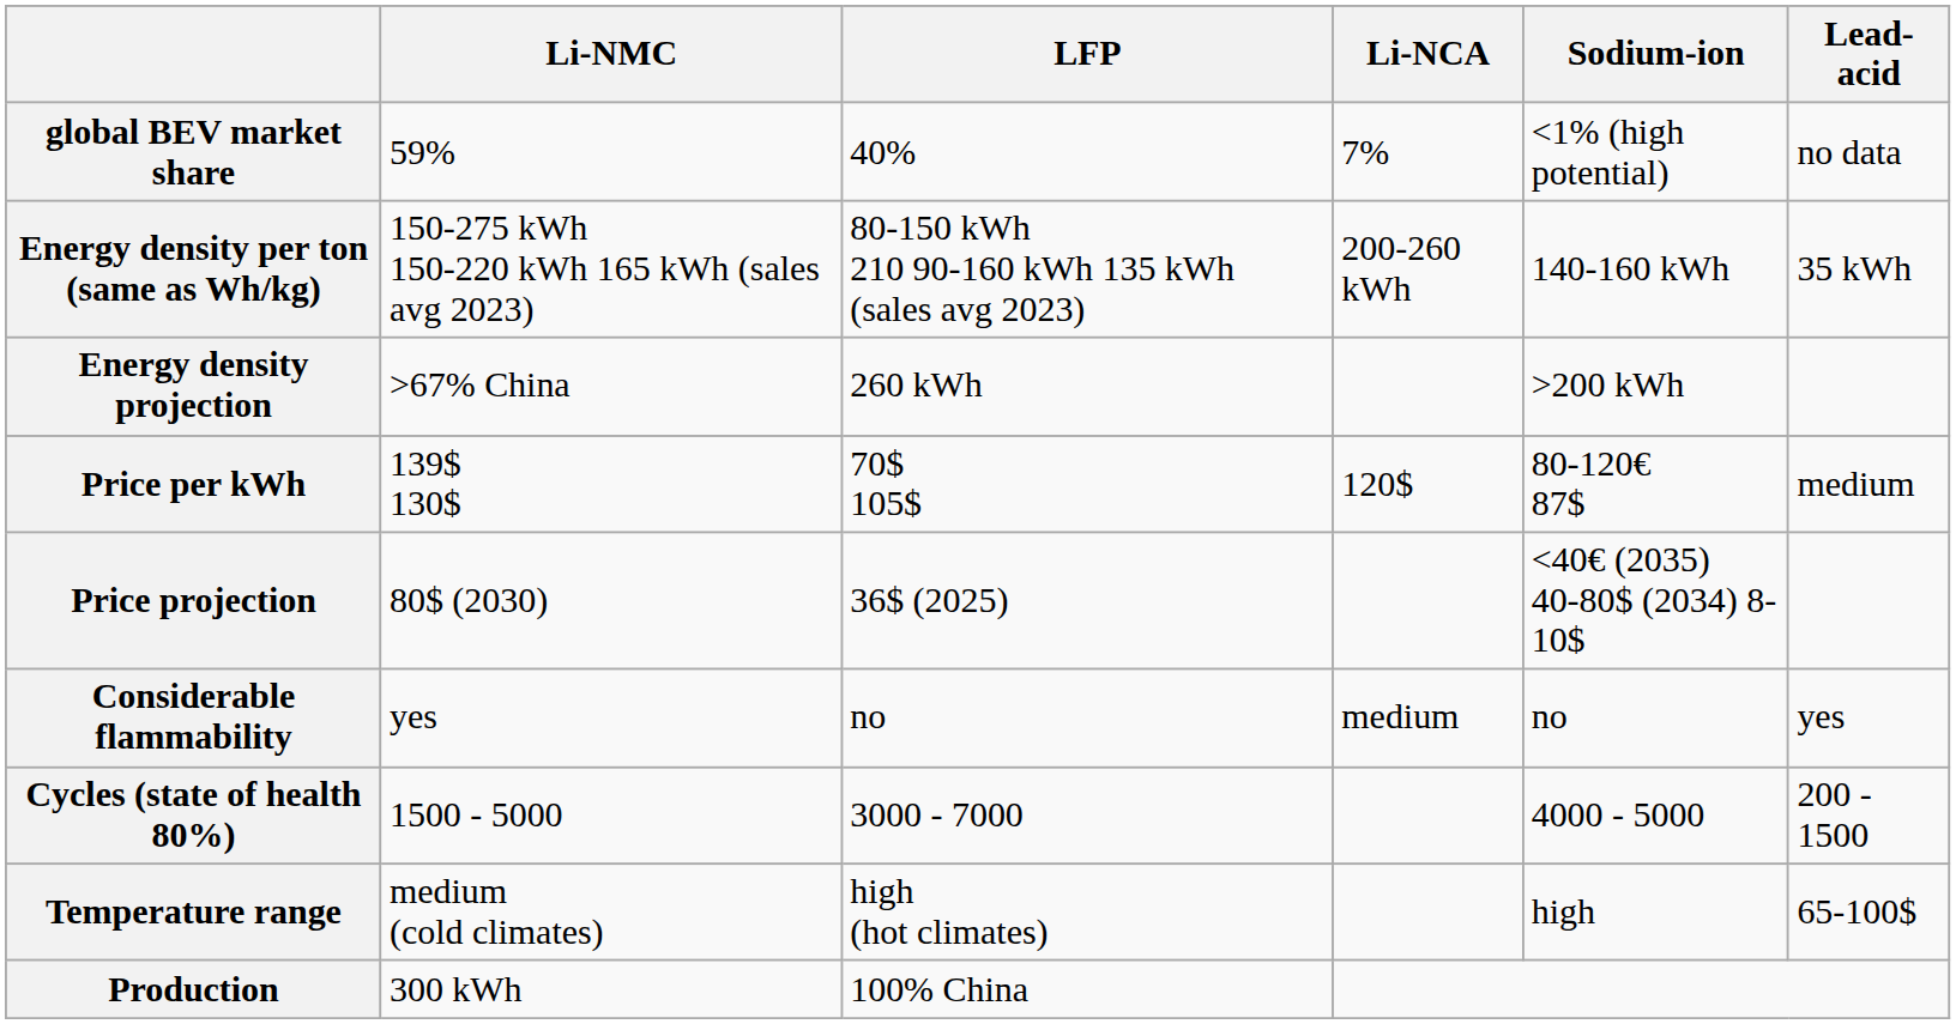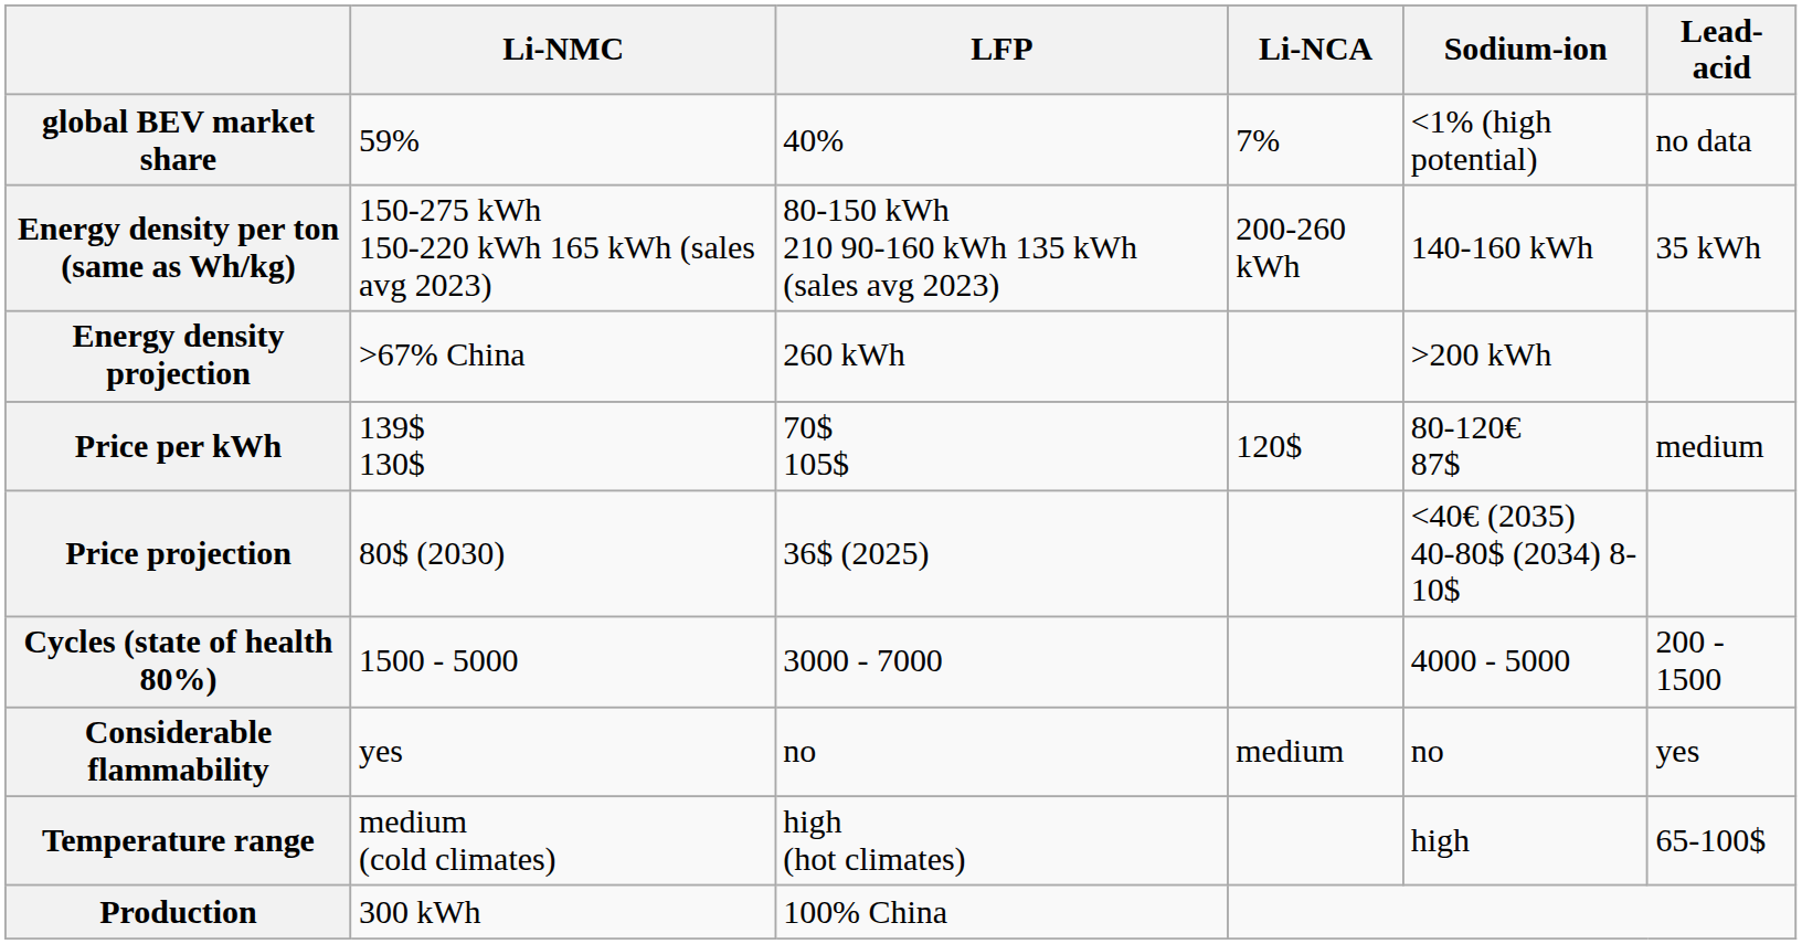 <table class="wikitable sortable">
 <tr>
 <th></th>
 <th>Li-NMC</th>
 <th>LFP</th>
 <th>Li-NCA</th>
 <th>Sodium-ion</th>
 <th>Lead-acid</th>
 </tr>
 <tr>
 <th>global BEV market share</th>
 <td>59%</td>
 <td>40%</td>
 <td>7%</td>
 <td><1% (high potential)</td>
 <td>no data</td>
 </tr>
 <tr>
 <th>Energy density per ton<br>(same as Wh/kg)</th>
 <td>150-275 kWh <br>150-220 kWh 165 kWh (sales avg 2023)</td>
 <td>80-150 kWh <br>210  90-160 kWh 135 kWh (sales avg 2023)</td>
 <td>200-260 kWh</td>
 <td>140-160 kWh </td>
 <td>35 kWh </td>
 </tr>
 <tr>
 <th>Energy density projection</th>
 <td>>67% China</td>
 <td>260 kWh </td>
 <td></td>
 <td>>200 kWh </td>
 <td></td>
 </tr>
 <tr>
 <th>Price per kWh</th>
 <td>139$ <br>130$</td>
 <td>70$ <br>105$</td>
 <td>120$</td>
 <td>80-120€ <br>87$ </td>
 <td>medium</td>
 </tr>
 <tr>
 <th>Price projection</th>
 <td>80$ (2030) </td>
 <td>36$ (2025) </td>
 <td></td>
 <td><40€ (2035) <br>40-80$ (2034)  8-10$</td>
 <td></td>
 </tr>
 <tr>
+<th>Cycles (state of health 80%)</th>
+<td>1500 - 5000 </td>
+<td>3000 - 7000 </td>
+<td></td>
+<td>4000 - 5000 </td>
+<td>200 - 1500 </td>
+</tr>
+<tr>
 <th>Considerable flammability</th>
 <td>yes</td>
 <td>no</td>
 <td>medium</td>
 <td>no</td>
 <td>yes</td>
-</tr>
-<tr>
-<th>Cycles (state of health 80%)</th>
-<td>1500 - 5000 </td>
-<td>3000 - 7000 </td>
-<td></td>
-<td>4000 - 5000 </td>
-<td>200 - 1500 </td>
 </tr>
 <tr>
 <th>Temperature range</th>
 <td>medium<br>(cold climates)</td>
 <td>high<br>(hot climates)</td>
 <td></td>
 <td>high</td>
 <td>65-100$ </td>
 </tr>
 <tr>
 <th>Production</th>
 <td>300 kWh </td>
 <td>100% China</td>
 </tr>
 </table>
